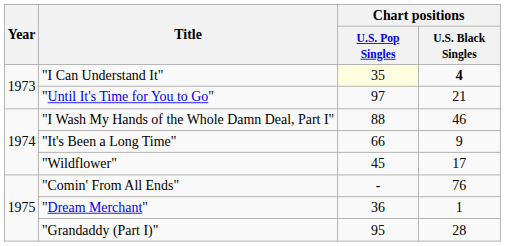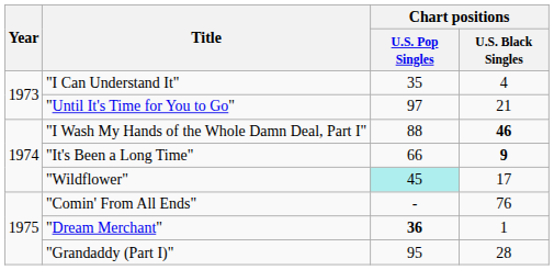 <table class="wikitable">
 <tr>
 <th rowspan="2">Year</th>
 <th rowspan="2">Title</th>
 <th colspan="2">Chart positions</th>
 </tr>
 <tr>
 <th width="86"><small><a href='#'>U.S. Pop Singles</a></small></th>
 <th width="86"><small>U.S. Black Singles</small></th>
 </tr>
 <tr>
 <td rowspan="2">1973</td>
 <td>"I Can Understand It"</td>
-<td align="center" style="background: lightyellow;">35</td>
-<td align="center"><strong>4</strong></td>
+<td align="center">35</td>
+<td align="center">4</td>
 </tr>
 <tr>
 <td>"<a href='#'>Until It's Time for You to Go</a>"</td>
 <td align="center">97</td>
 <td align="center">21</td>
 </tr>
 <tr>
 <td rowspan="3">1974</td>
 <td>"I Wash My Hands of the Whole Damn Deal, Part I"</td>
 <td align="center">88</td>
-<td align="center">46</td>
+<td align="center"><strong>46</strong></td>
 </tr>
 <tr>
 <td>"It's Been a Long Time"</td>
 <td align="center">66</td>
-<td align="center">9</td>
+<td align="center"><strong>9</strong></td>
 </tr>
 <tr>
 <td>"Wildflower"</td>
-<td align="center">45</td>
+<td align="center" style="background: paleturquoise;">45</td>
 <td align="center">17</td>
 </tr>
 <tr>
 <td rowspan="3">1975</td>
 <td>"Comin' From All Ends"</td>
 <td align="center">-</td>
 <td align="center">76</td>
 </tr>
 <tr>
 <td>"<a href='#'>Dream Merchant</a>"</td>
-<td align="center">36</td>
+<td align="center"><strong>36</strong></td>
 <td align="center">1</td>
 </tr>
 <tr>
 <td>"Grandaddy (Part I)"</td>
 <td align="center">95</td>
 <td align="center">28</td>
 </tr>
 </table>
